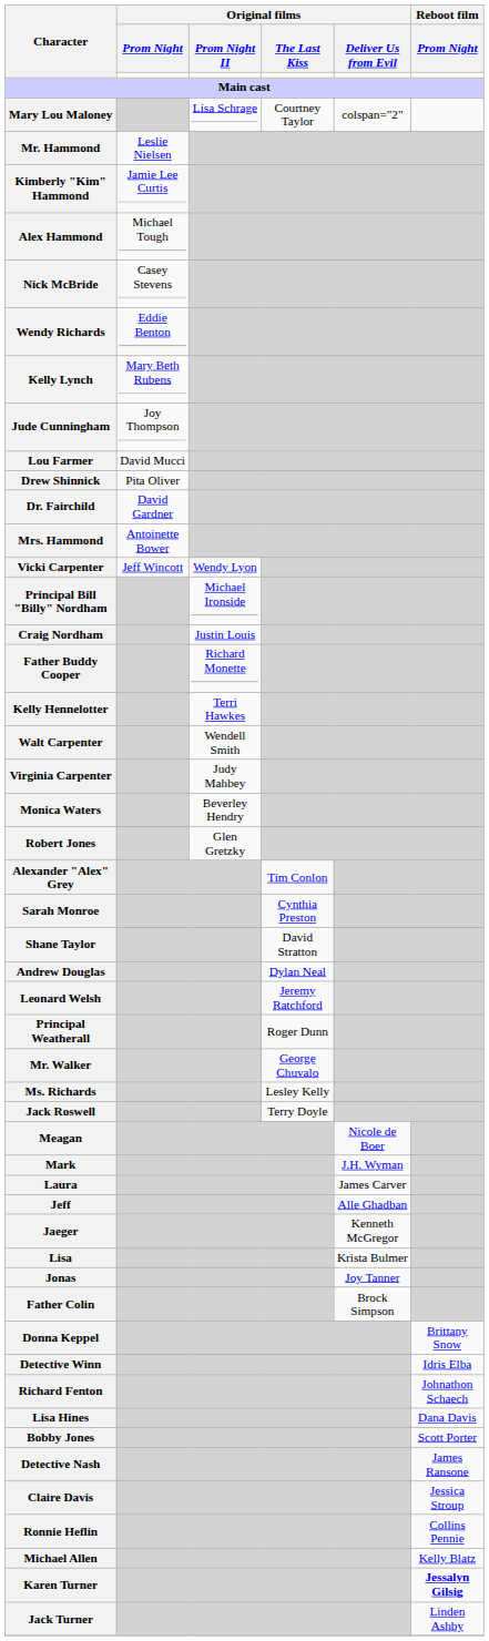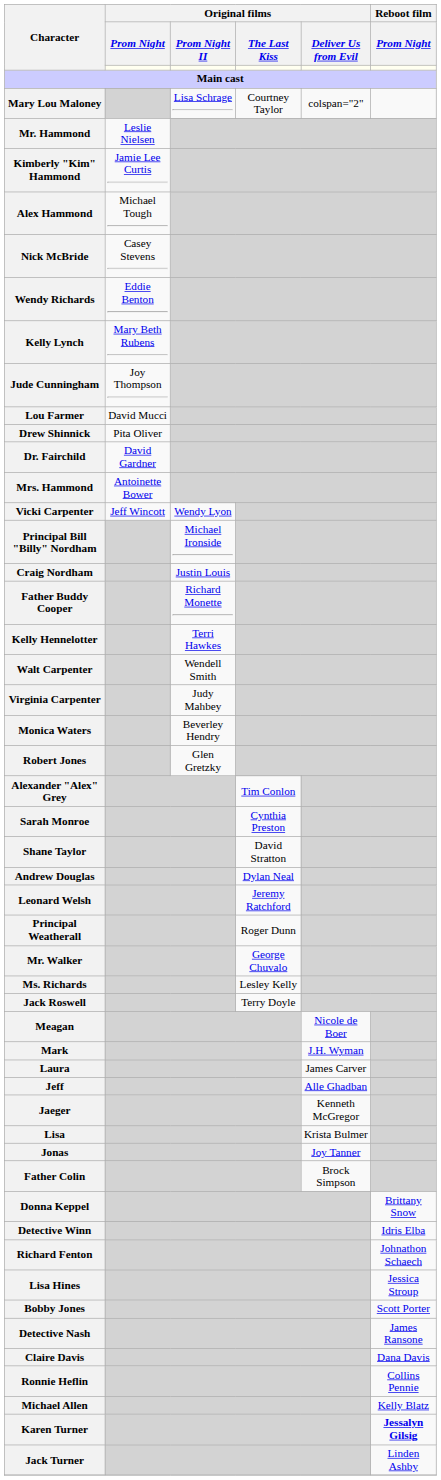 <table class="wikitable" style="text-align:center; width:99%;">
 <tr>
 <th rowspan="3" style="width:20%;">Character</th>
 <th colspan="4" style="text-align:center;">Original films</th>
 <th>Reboot film</th>
 </tr>
 <tr>
 <th style="text-align:center; width:13%;"><a href='#'><em>Prom Night</em></a></th>
 <th style="text-align:center; width:13%;"><a href='#'><em><br>Prom Night II</em></a></th>
 <th style="text-align:center; width:13%;"><a href='#'><em><br>The Last Kiss</em></a></th>
 <th style="text-align:center; width:13%;"><a href='#'><em><br>Deliver Us from Evil</em></a></th>
 <th style="text-align:center; width:13%;"><a href='#'><em>Prom Night</em></a></th>
 </tr>
 <tr>
 <th style="background:ivory;"><span></span></th>
 <th style="background:ivory;"><span></span></th>
 <th style="background:ivory;"><span></span></th>
 <th style="background:ivory;"><span></span></th>
 <th style="background:ivory;"><span></span></th>
 </tr>
 <tr>
 <th colspan="9" style="background-color:#ccccff;">Main cast</th>
 </tr>
 <tr>
 <th>Mary Lou Maloney</th>
 <td style="background:lightgrey;"> </td>
 <td><a href='#'>Lisa Schrage</a><hr></td>
 <td>Courtney Taylor</td>
 <td>colspan="2" </td>
 </tr>
 <tr>
 <th>Mr. Hammond</th>
 <td><a href='#'>Leslie Nielsen</a></td>
 <td colspan="4" style="background:lightgrey;"> </td>
 </tr>
 <tr>
 <th>Kimberly "Kim" Hammond</th>
 <td><a href='#'>Jamie Lee Curtis</a><hr></td>
 <td colspan="4" style="background:lightgrey;"> </td>
 </tr>
 <tr>
 <th>Alex Hammond</th>
 <td>Michael Tough<hr></td>
 <td colspan="4" style="background:lightgrey;"> </td>
 </tr>
 <tr>
 <th>Nick McBride</th>
 <td>Casey Stevens<hr></td>
 <td colspan="4" style="background:lightgrey;"> </td>
 </tr>
 <tr>
 <th>Wendy Richards</th>
 <td><a href='#'>Eddie Benton</a><hr></td>
 <td colspan="4" style="background:lightgrey;"> </td>
 </tr>
 <tr>
 <th>Kelly Lynch</th>
 <td><a href='#'>Mary Beth Rubens</a><hr></td>
 <td colspan="4" style="background:lightgrey;"> </td>
 </tr>
 <tr>
 <th>Jude Cunningham</th>
 <td>Joy Thompson<hr></td>
 <td colspan="4" style="background:lightgrey;"> </td>
 </tr>
 <tr>
 <th>Lou Farmer</th>
 <td>David Mucci</td>
 <td colspan="4" style="background:lightgrey;"> </td>
 </tr>
 <tr>
 <th>Drew Shinnick</th>
 <td>Pita Oliver</td>
 <td colspan="4" style="background:lightgrey;"> </td>
 </tr>
 <tr>
 <th>Dr. Fairchild</th>
 <td><a href='#'>David Gardner</a></td>
 <td colspan="4" style="background:lightgrey;"> </td>
 </tr>
 <tr>
 <th>Mrs. Hammond</th>
 <td><a href='#'>Antoinette Bower</a></td>
 <td colspan="4" style="background:lightgrey;"> </td>
 </tr>
 <tr>
 <th>Vicki Carpenter</th>
 <td><a href='#'>Jeff Wincott</a></td>
 <td><a href='#'>Wendy Lyon</a></td>
 <td colspan="3" style="background:lightgrey;"> </td>
 </tr>
 <tr>
 <th>Principal Bill "Billy" Nordham</th>
 <td style="background:lightgrey;"> </td>
 <td><a href='#'>Michael Ironside</a><hr></td>
 <td colspan="3" style="background:lightgrey;"> </td>
 </tr>
 <tr>
 <th>Craig Nordham</th>
 <td style="background:lightgrey;"> </td>
 <td><a href='#'>Justin Louis</a></td>
 <td colspan="3" style="background:lightgrey;"> </td>
 </tr>
 <tr>
 <th>Father Buddy Cooper</th>
 <td style="background:lightgrey;"> </td>
 <td><a href='#'>Richard Monette</a><hr></td>
 <td colspan="3" style="background:lightgrey;"> </td>
 </tr>
 <tr>
 <th>Kelly Hennelotter</th>
 <td style="background:lightgrey;"> </td>
 <td><a href='#'>Terri Hawkes</a></td>
 <td colspan="3" style="background:lightgrey;"> </td>
 </tr>
 <tr>
 <th>Walt Carpenter</th>
 <td style="background:lightgrey;"> </td>
 <td>Wendell Smith</td>
 <td colspan="3" style="background:lightgrey;"> </td>
 </tr>
 <tr>
 <th>Virginia Carpenter</th>
 <td style="background:lightgrey;"> </td>
 <td>Judy Mahbey</td>
 <td colspan="3" style="background:lightgrey;"> </td>
 </tr>
 <tr>
 <th>Monica Waters</th>
 <td style="background:lightgrey;"> </td>
 <td>Beverley Hendry</td>
 <td colspan="3" style="background:lightgrey;"> </td>
 </tr>
 <tr>
 <th>Robert Jones</th>
 <td style="background:lightgrey;"> </td>
 <td>Glen Gretzky</td>
 <td colspan="3" style="background:lightgrey;"> </td>
 </tr>
 <tr>
 <th>Alexander "Alex" Grey</th>
 <td colspan="2" style="background:lightgrey;"> </td>
 <td><a href='#'>Tim Conlon</a></td>
 <td colspan="2" style="background:lightgrey;"> </td>
 </tr>
 <tr>
 <th>Sarah Monroe</th>
 <td colspan="2" style="background:lightgrey;"> </td>
 <td><a href='#'>Cynthia Preston</a></td>
 <td colspan="2" style="background:lightgrey;"> </td>
 </tr>
 <tr>
 <th>Shane Taylor</th>
 <td colspan="2" style="background:lightgrey;"> </td>
 <td>David Stratton</td>
 <td colspan="2" style="background:lightgrey;"> </td>
 </tr>
 <tr>
 <th>Andrew Douglas</th>
 <td colspan="2" style="background:lightgrey;"> </td>
 <td><a href='#'>Dylan Neal</a></td>
 <td colspan="2" style="background:lightgrey;"> </td>
 </tr>
 <tr>
 <th>Leonard Welsh</th>
 <td colspan="2" style="background:lightgrey;"> </td>
 <td><a href='#'>Jeremy Ratchford</a></td>
 <td colspan="2" style="background:lightgrey;"> </td>
 </tr>
 <tr>
 <th>Principal Weatherall</th>
 <td colspan="2" style="background:lightgrey;"> </td>
 <td>Roger Dunn</td>
 <td colspan="2" style="background:lightgrey;"> </td>
 </tr>
 <tr>
 <th>Mr. Walker</th>
 <td colspan="2" style="background:lightgrey;"> </td>
 <td><a href='#'>George Chuvalo</a></td>
 <td colspan="2" style="background:lightgrey;"> </td>
 </tr>
 <tr>
 <th>Ms. Richards</th>
 <td colspan="2" style="background:lightgrey;"> </td>
 <td>Lesley Kelly</td>
 <td colspan="2" style="background:lightgrey;"> </td>
 </tr>
 <tr>
 <th>Jack Roswell</th>
 <td colspan="2" style="background:lightgrey;"> </td>
 <td>Terry Doyle</td>
 <td colspan="2" style="background:lightgrey;"> </td>
 </tr>
 <tr>
 <th>Meagan</th>
 <td colspan="3" style="background:lightgrey;"> </td>
 <td><a href='#'>Nicole de Boer</a></td>
 <td style="background:lightgrey;"> </td>
 </tr>
 <tr>
 <th>Mark</th>
 <td colspan="3" style="background:lightgrey;"> </td>
 <td><a href='#'>J.H. Wyman</a></td>
 <td style="background:lightgrey;"> </td>
 </tr>
 <tr>
 <th>Laura</th>
 <td colspan="3" style="background:lightgrey;"> </td>
 <td>James Carver</td>
 <td style="background:lightgrey;"> </td>
 </tr>
 <tr>
 <th>Jeff</th>
 <td colspan="3" style="background:lightgrey;"> </td>
 <td><a href='#'>Alle Ghadban</a></td>
 <td style="background:lightgrey;"> </td>
 </tr>
 <tr>
 <th>Jaeger</th>
 <td colspan="3" style="background:lightgrey;"> </td>
 <td>Kenneth McGregor</td>
 <td style="background:lightgrey;"> </td>
 </tr>
 <tr>
 <th>Lisa</th>
 <td colspan="3" style="background:lightgrey;"> </td>
 <td>Krista Bulmer</td>
 <td style="background:lightgrey;"> </td>
 </tr>
 <tr>
 <th>Jonas</th>
 <td colspan="3" style="background:lightgrey;"> </td>
 <td><a href='#'>Joy Tanner</a></td>
 <td style="background:lightgrey;"> </td>
 </tr>
 <tr>
 <th>Father Colin</th>
 <td colspan="3" style="background:lightgrey;"> </td>
 <td>Brock Simpson</td>
 <td style="background:lightgrey;"> </td>
 </tr>
 <tr>
 <th>Donna Keppel</th>
 <td colspan="4" style="background:lightgrey;"> </td>
 <td><a href='#'>Brittany Snow</a></td>
 </tr>
 <tr>
 <th>Detective Winn</th>
 <td colspan="4" style="background:lightgrey;"> </td>
 <td><a href='#'>Idris Elba</a></td>
 </tr>
 <tr>
 <th>Richard Fenton</th>
 <td colspan="4" style="background:lightgrey;"> </td>
 <td><a href='#'>Johnathon Schaech</a></td>
 </tr>
 <tr>
 <th>Lisa Hines</th>
 <td colspan="4" style="background:lightgrey;"> </td>
-<td><a href='#'>Dana Davis</a></td>
+<td><a href='#'>Jessica Stroup</a></td>
 </tr>
 <tr>
 <th>Bobby Jones</th>
 <td colspan="4" style="background:lightgrey;"> </td>
 <td><a href='#'>Scott Porter</a></td>
 </tr>
 <tr>
 <th>Detective Nash</th>
 <td colspan="4" style="background:lightgrey;"> </td>
 <td><a href='#'>James Ransone</a></td>
 </tr>
 <tr>
 <th>Claire Davis</th>
 <td colspan="4" style="background:lightgrey;"> </td>
-<td><a href='#'>Jessica Stroup</a></td>
+<td><a href='#'>Dana Davis</a></td>
 </tr>
 <tr>
 <th>Ronnie Heflin</th>
 <td colspan="4" style="background:lightgrey;"> </td>
 <td><a href='#'>Collins Pennie</a></td>
 </tr>
 <tr>
 <th>Michael Allen</th>
 <td colspan="4" style="background:lightgrey;"> </td>
 <td><a href='#'>Kelly Blatz</a></td>
 </tr>
 <tr>
 <th>Karen Turner</th>
 <td colspan="4" style="background:lightgrey;"> </td>
 <td><strong><a href='#'>Jessalyn Gilsig</a></strong></td>
 </tr>
 <tr>
 <th>Jack Turner</th>
 <td colspan="4" style="background:lightgrey;"> </td>
 <td><a href='#'>Linden Ashby</a></td>
 </tr>
 <tr>
 </tr>
 </table>
